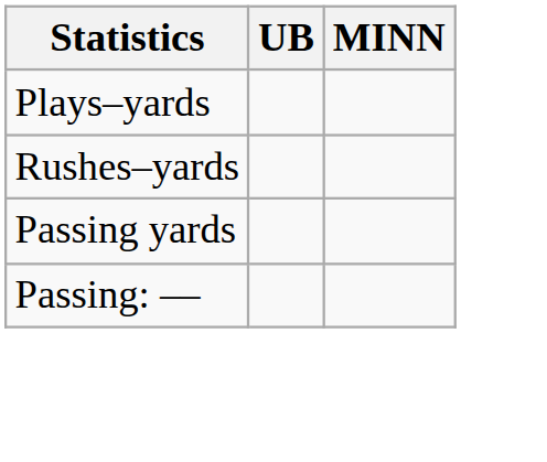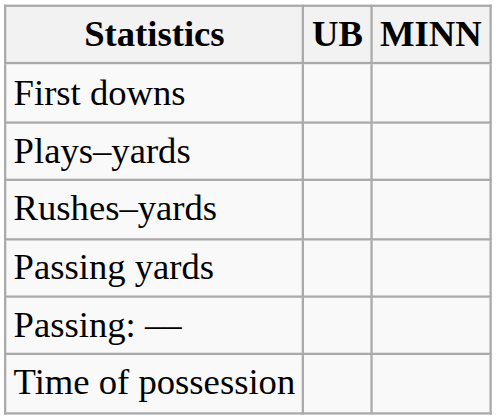 <table class="wikitable" style="float:left">
 <tr>
 <th>Statistics</th>
 <th>UB</th>
 <th>MINN</th>
+</tr>
+<tr>
+<td>First downs</td>
+<td></td>
+<td></td>
 </tr>
 <tr>
 <td>Plays–yards</td>
 <td></td>
 <td></td>
 </tr>
 <tr>
 <td>Rushes–yards</td>
 <td></td>
 <td></td>
 </tr>
 <tr>
 <td>Passing yards</td>
 <td></td>
 <td></td>
 </tr>
 <tr>
 <td>Passing: ––</td>
 <td></td>
 <td></td>
 </tr>
+<tr>
+<td>Time of possession</td>
+<td></td>
+<td></td>
+</tr>
 </table>
